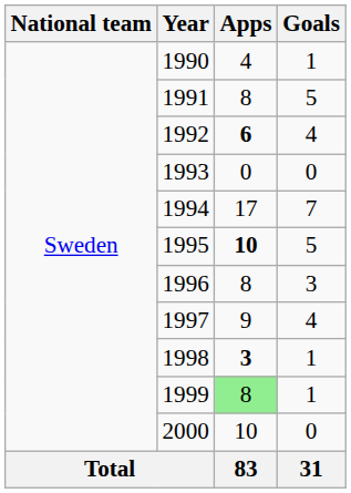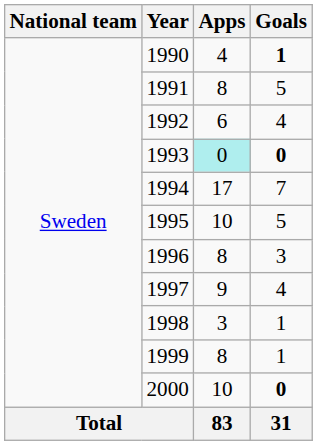 <table class="wikitable" style="text-align:center">
 <tr>
 <th>National team</th>
 <th>Year</th>
 <th>Apps</th>
 <th>Goals</th>
 </tr>
 <tr>
 <td rowspan="11"><a href='#'>Sweden</a></td>
 <td>1990</td>
 <td>4</td>
-<td>1</td>
+<td><strong>1</strong></td>
 </tr>
 <tr>
 <td>1991</td>
 <td>8</td>
 <td>5</td>
 </tr>
 <tr>
 <td>1992</td>
-<td><strong>6</strong></td>
+<td>6</td>
 <td>4</td>
 </tr>
 <tr>
 <td>1993</td>
-<td>0</td>
-<td>0</td>
+<td style="background: paleturquoise;">0</td>
+<td><strong>0</strong></td>
 </tr>
 <tr>
 <td>1994</td>
 <td>17</td>
 <td>7</td>
 </tr>
 <tr>
 <td>1995</td>
-<td><strong>10</strong></td>
+<td>10</td>
 <td>5</td>
 </tr>
 <tr>
 <td>1996</td>
 <td>8</td>
 <td>3</td>
 </tr>
 <tr>
 <td>1997</td>
 <td>9</td>
 <td>4</td>
 </tr>
 <tr>
 <td>1998</td>
-<td><strong>3</strong></td>
+<td>3</td>
 <td>1</td>
 </tr>
 <tr>
 <td>1999</td>
-<td style="background: lightgreen;">8</td>
+<td>8</td>
 <td>1</td>
 </tr>
 <tr>
 <td>2000</td>
 <td>10</td>
-<td>0</td>
+<td><strong>0</strong></td>
 </tr>
 <tr>
 <th colspan="2">Total</th>
 <th>83</th>
 <th>31</th>
 </tr>
 </table>
